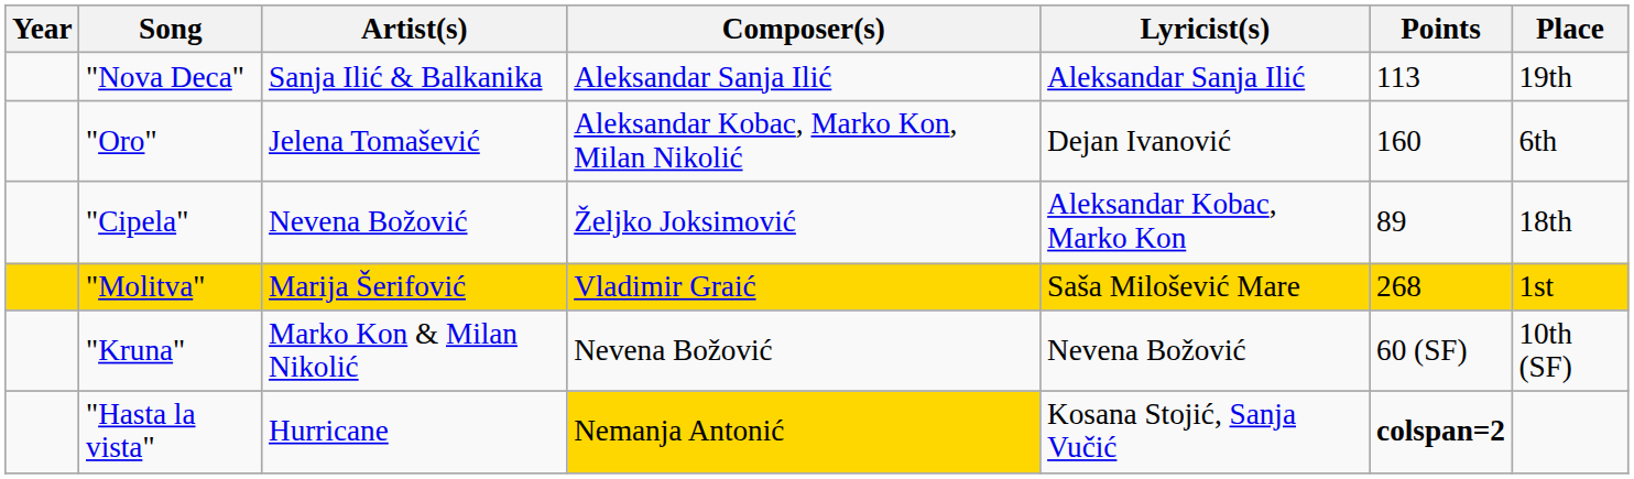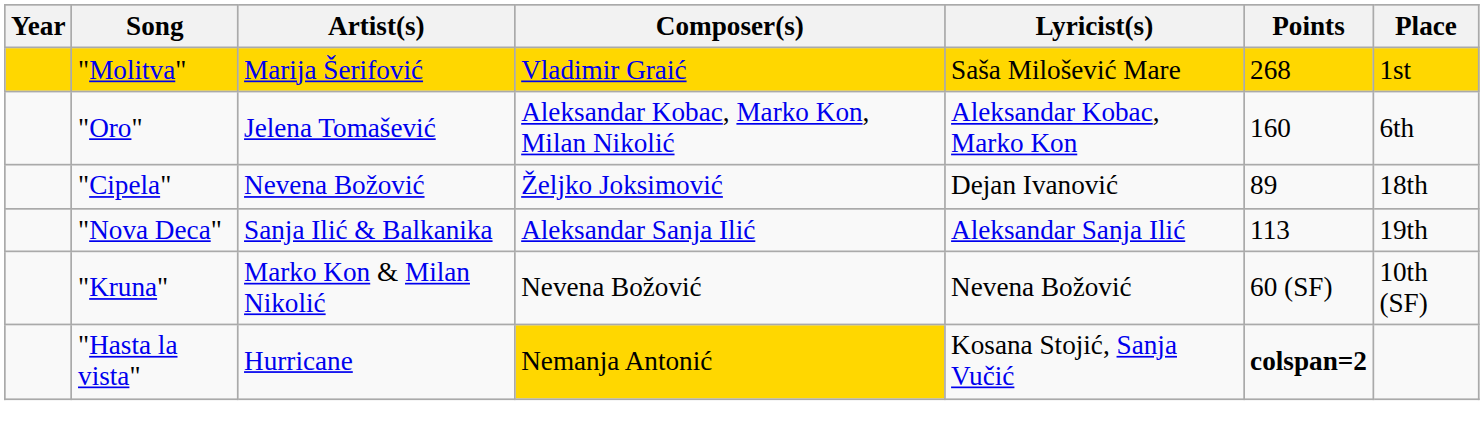 <table class="wikitable sortable plainrowheaders">
 <tr>
 <th>Year</th>
 <th>Song</th>
 <th>Artist(s)</th>
 <th>Composer(s)</th>
 <th>Lyricist(s)</th>
 <th>Points</th>
 <th>Place</th>
 </tr>
+<tr bgcolor="FFD700">
+<td></td>
+<td>"<a href='#'>Molitva</a>"</td>
+<td><a href='#'>Marija Šerifović</a></td>
+<td><a href='#'>Vladimir Graić</a></td>
+<td>Saša Milošević Mare</td>
+<td>268</td>
+<td>1st</td>
+</tr>
+<tr>
+<td></td>
+<td>"<a href='#'>Oro</a>"</td>
+<td><a href='#'>Jelena Tomašević</a></td>
+<td><a href='#'>Aleksandar Kobac</a>, <a href='#'>Marko Kon</a>, <a href='#'>Milan Nikolić</a></td>
+<td><a href='#'>Aleksandar Kobac</a>, <a href='#'>Marko Kon</a></td>
+<td>160</td>
+<td>6th</td>
+</tr>
+<tr>
+<td></td>
+<td>"<a href='#'>Cipela</a>"</td>
+<td><a href='#'>Nevena Božović</a></td>
+<td><a href='#'>Željko Joksimović</a></td>
+<td>Dejan Ivanović</td>
+<td>89</td>
+<td>18th</td>
+</tr>
 <tr>
 <td></td>
 <td>"<a href='#'>Nova Deca</a>"</td>
 <td><a href='#'>Sanja Ilić & Balkanika</a></td>
 <td><a href='#'>Aleksandar Sanja Ilić</a></td>
 <td><a href='#'>Aleksandar Sanja Ilić</a></td>
 <td>113</td>
 <td>19th</td>
-</tr>
-<tr>
-<td></td>
-<td>"<a href='#'>Oro</a>"</td>
-<td><a href='#'>Jelena Tomašević</a></td>
-<td><a href='#'>Aleksandar Kobac</a>, <a href='#'>Marko Kon</a>, <a href='#'>Milan Nikolić</a></td>
-<td>Dejan Ivanović</td>
-<td>160</td>
-<td>6th</td>
-</tr>
-<tr>
-<td></td>
-<td>"<a href='#'>Cipela</a>"</td>
-<td><a href='#'>Nevena Božović</a></td>
-<td><a href='#'>Željko Joksimović</a></td>
-<td><a href='#'>Aleksandar Kobac</a>, <a href='#'>Marko Kon</a></td>
-<td>89</td>
-<td>18th</td>
-</tr>
-<tr bgcolor="FFD700">
-<td></td>
-<td>"<a href='#'>Molitva</a>"</td>
-<td><a href='#'>Marija Šerifović</a></td>
-<td><a href='#'>Vladimir Graić</a></td>
-<td>Saša Milošević Mare</td>
-<td>268</td>
-<td>1st</td>
 </tr>
 <tr>
 <td></td>
 <td>"<a href='#'>Kruna</a>"</td>
 <td><a href='#'>Marko Kon</a> & <a href='#'>Milan Nikolić</a></td>
 <td>Nevena Božović</td>
 <td>Nevena Božović</td>
 <td>60 (SF)</td>
 <td>10th (SF)</td>
 </tr>
 <tr>
 <td></td>
 <td>"<a href='#'>Hasta la vista</a>"</td>
 <td><a href='#'>Hurricane</a></td>
 <td style="background: gold;">Nemanja Antonić</td>
 <td>Kosana Stojić, <a href='#'>Sanja Vučić</a></td>
 <td><strong>colspan=2 </strong></td>
 </tr>
 </table>
